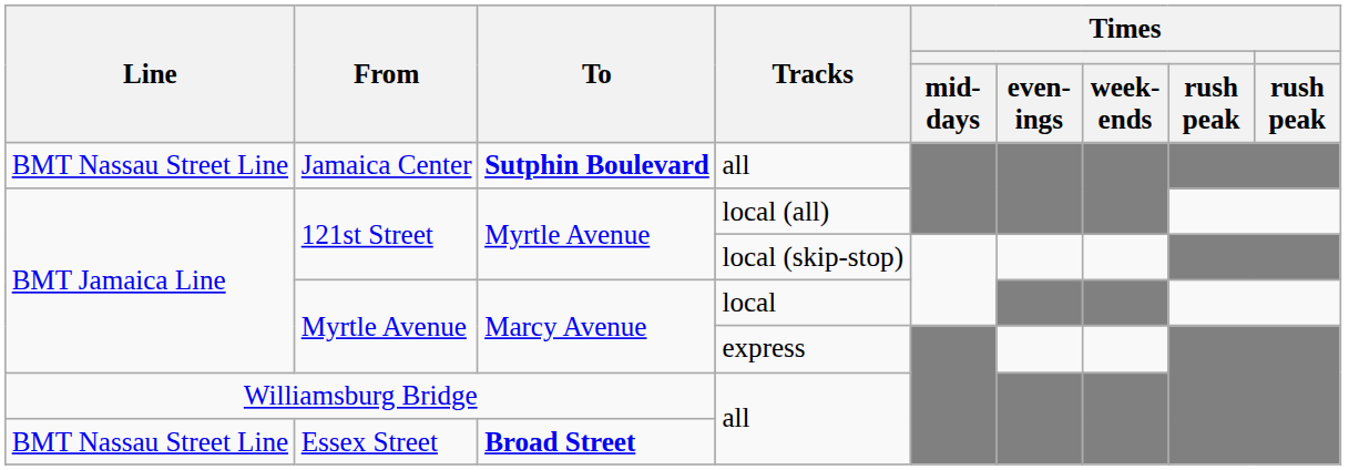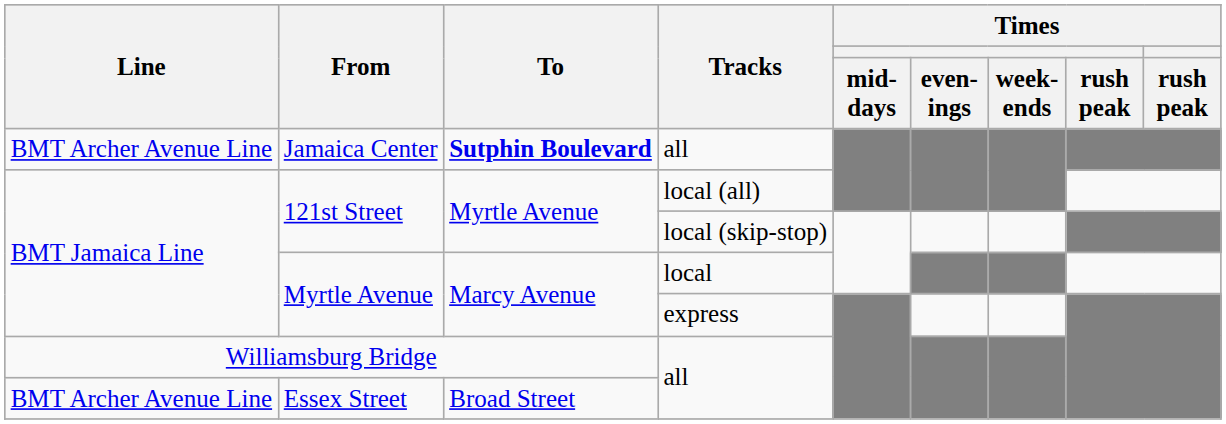 <table class="wikitable collapsible" style="font-size:95%">
 <tr>
 <th rowspan=3>Line</th>
 <th rowspan=3>From</th>
 <th rowspan=3>To</th>
 <th rowspan=3>Tracks</th>
 <th colspan=5>Times</th>
 </tr>
 <tr>
 <th colspan=4></th>
 <th width=40></th>
 </tr>
 <tr>
 <th width=40 align=center>mid­days</th>
 <th width=40 align=center>even­ings</th>
 <th width=40 align=center>week­ends</th>
 <th width=40 align=center>rush peak</th>
 <th width=40 align=center>rush peak</th>
 </tr>
 <tr>
-<td><a href='#'>BMT Nassau Street Line</a></td>
+<td><a href='#'>BMT Archer Avenue Line</a></td>
 <td><a href='#'>Jamaica Center</a></td>
 <td><strong><a href='#'>Sutphin Boulevard</a></strong></td>
 <td>all</td>
 <td rowspan=2 style="background:gray"> </td>
 <td rowspan=2 style="background:gray"> </td>
 <td rowspan=2 style="background:gray"> </td>
 <td colspan=2 style="background:gray"> </td>
 </tr>
 <tr>
 <td rowspan=4><a href='#'>BMT Jamaica Line</a></td>
 <td rowspan=2><a href='#'>121st Street</a></td>
 <td rowspan=2><a href='#'>Myrtle Avenue</a></td>
 <td>local (all)</td>
 <td colspan=2> </td>
 </tr>
 <tr>
 <td>local (skip-stop)</td>
 <td rowspan=2> </td>
 <td> </td>
 <td> </td>
 <td colspan=2 style="background:gray"> </td>
 </tr>
 <tr>
 <td rowspan=2><a href='#'>Myrtle Avenue</a></td>
 <td rowspan=2><a href='#'>Marcy Avenue</a></td>
 <td>local</td>
 <td style="background:gray"> </td>
 <td style="background:gray"> </td>
 <td colspan=2> </td>
 </tr>
 <tr>
 <td>express</td>
 <td style="background:gray" rowspan=3> </td>
 <td> </td>
 <td> </td>
 <td colspan=2 rowspan=3 style="background:gray"> </td>
 </tr>
 <tr>
 <td colspan=3 align=center><a href='#'>Williamsburg Bridge</a></td>
 <td rowspan=2>all</td>
 <td rowspan=2 style="background:gray"> </td>
 <td rowspan=2 style="background:gray"> </td>
 </tr>
 <tr>
-<td><a href='#'>BMT Nassau Street Line</a></td>
+<td><a href='#'>BMT Archer Avenue Line</a></td>
 <td><a href='#'>Essex Street</a></td>
-<td><strong><a href='#'>Broad Street</a></strong></td>
+<td><a href='#'>Broad Street</a></td>
 </tr>
 </table>
